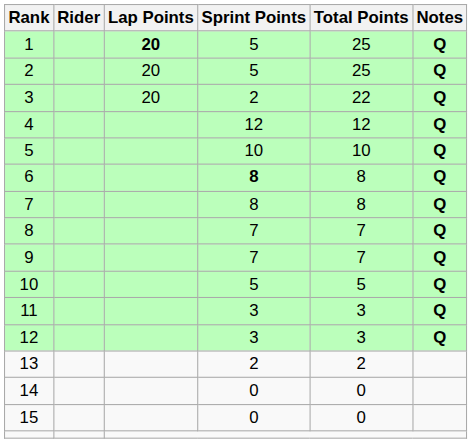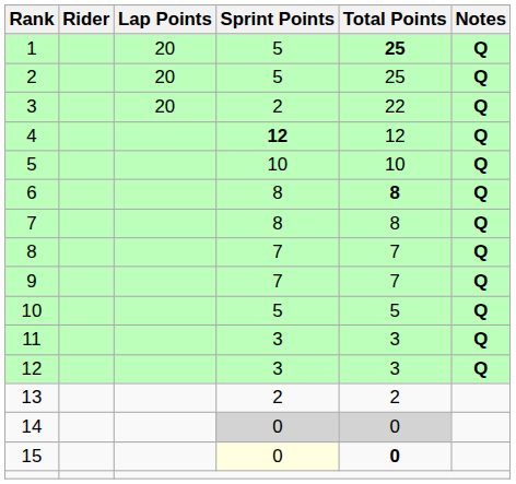 <table class="wikitable sortable" style="text-align:center">
 <tr>
 <th>Rank</th>
 <th>Rider</th>
 <th>Lap Points</th>
 <th>Sprint Points</th>
 <th>Total Points</th>
 <th>Notes</th>
 </tr>
 <tr bgcolor=bbffbb>
 <td>1</td>
 <td align=left></td>
-<td><strong>20</strong></td>
+<td>20</td>
 <td>5</td>
-<td>25</td>
+<td><strong>25</strong></td>
 <td><strong>Q</strong></td>
 </tr>
 <tr bgcolor=bbffbb>
 <td>2</td>
 <td align=left></td>
 <td>20</td>
 <td>5</td>
 <td>25</td>
 <td><strong>Q</strong></td>
 </tr>
 <tr bgcolor=bbffbb>
 <td>3</td>
 <td align=left></td>
 <td>20</td>
 <td>2</td>
 <td>22</td>
 <td><strong>Q</strong></td>
 </tr>
 <tr bgcolor=bbffbb>
 <td>4</td>
 <td align=left></td>
 <td></td>
-<td>12</td>
+<td><strong>12</strong></td>
 <td>12</td>
 <td><strong>Q</strong></td>
 </tr>
 <tr bgcolor=bbffbb>
 <td>5</td>
 <td align=left></td>
 <td></td>
 <td>10</td>
 <td>10</td>
 <td><strong>Q</strong></td>
 </tr>
 <tr bgcolor=bbffbb>
 <td>6</td>
 <td align=left></td>
 <td></td>
+<td>8</td>
 <td><strong>8</strong></td>
-<td>8</td>
 <td><strong>Q</strong></td>
 </tr>
 <tr bgcolor=bbffbb>
 <td>7</td>
 <td align=left></td>
 <td></td>
 <td>8</td>
 <td>8</td>
 <td><strong>Q</strong></td>
 </tr>
 <tr bgcolor=bbffbb>
 <td>8</td>
 <td align=left></td>
 <td></td>
 <td>7</td>
 <td>7</td>
 <td><strong>Q</strong></td>
 </tr>
 <tr bgcolor=bbffbb>
 <td>9</td>
 <td align=left></td>
 <td></td>
 <td>7</td>
 <td>7</td>
 <td><strong>Q</strong></td>
 </tr>
 <tr bgcolor=bbffbb>
 <td>10</td>
 <td align=left></td>
 <td></td>
 <td>5</td>
 <td>5</td>
 <td><strong>Q</strong></td>
 </tr>
 <tr bgcolor=bbffbb>
 <td>11</td>
 <td align=left></td>
 <td></td>
 <td>3</td>
 <td>3</td>
 <td><strong>Q</strong></td>
 </tr>
 <tr bgcolor=bbffbb>
 <td>12</td>
 <td align=left></td>
 <td></td>
 <td>3</td>
 <td>3</td>
 <td><strong>Q</strong></td>
 </tr>
 <tr>
 <td>13</td>
 <td align=left></td>
 <td></td>
 <td>2</td>
 <td>2</td>
 <td></td>
 </tr>
 <tr>
 <td>14</td>
 <td align=left></td>
 <td></td>
-<td>0</td>
-<td>0</td>
+<td style="background: lightgrey;">0</td>
+<td style="background: lightgrey;">0</td>
 <td></td>
 </tr>
 <tr>
 <td>15</td>
 <td align=left></td>
 <td></td>
-<td>0</td>
-<td>0</td>
+<td style="background: lightyellow;">0</td>
+<td><strong>0</strong></td>
 <td></td>
 </tr>
 <tr>
 <td></td>
 <td align="left"></td>
 <td colspan="4"></td>
 </tr>
 </table>
